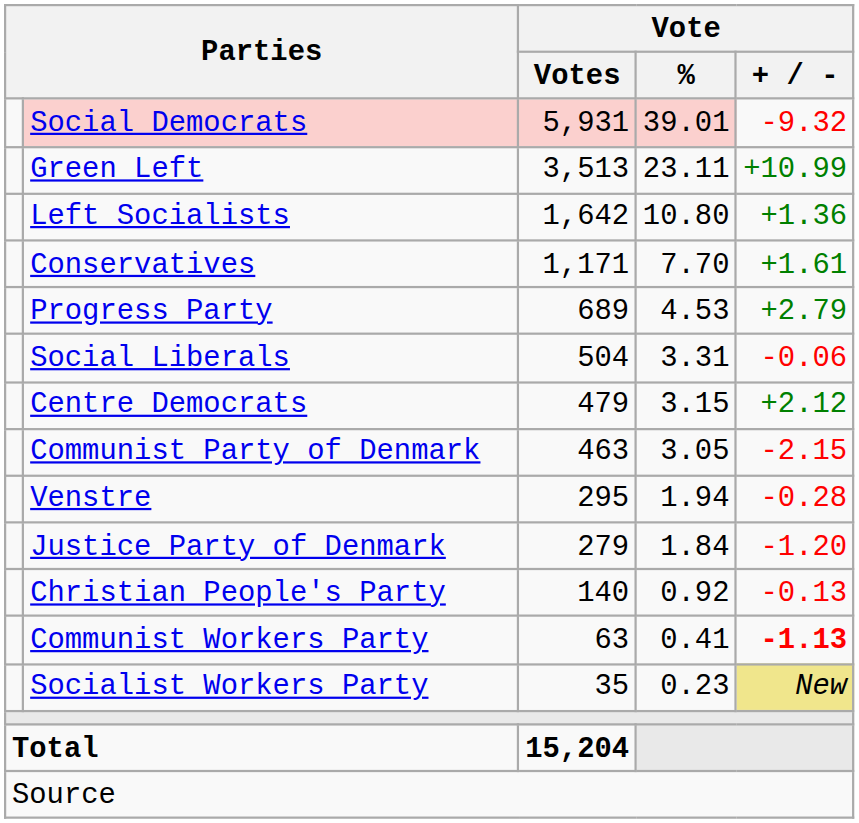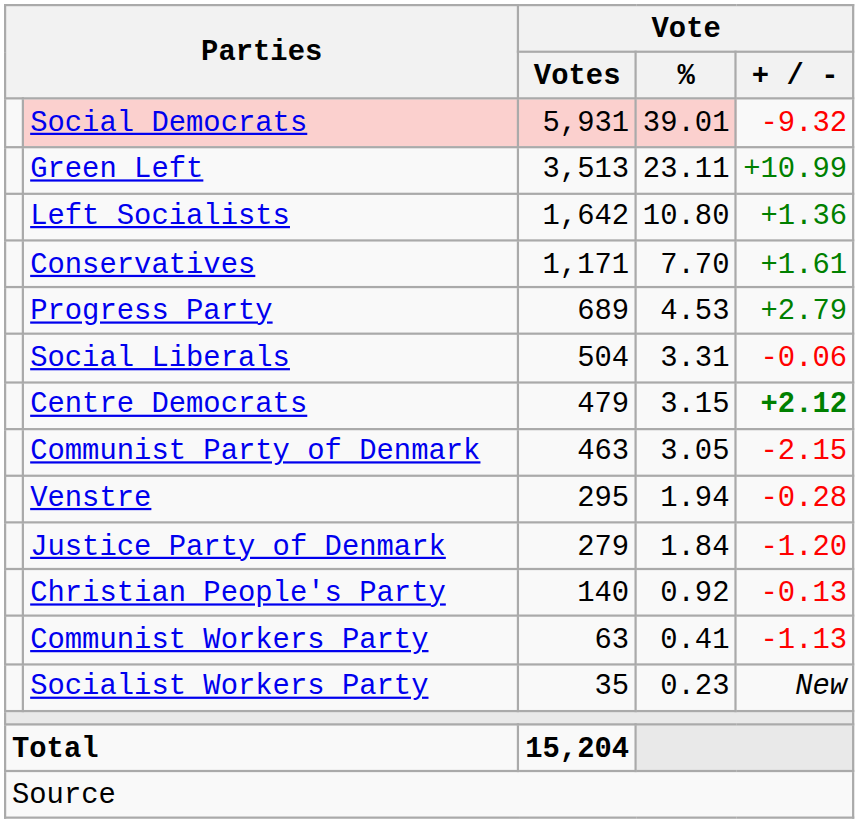 <table class="wikitable" style="text-align:right;">
 <tr>
 <th style="text-align:centre;" rowspan="2" colspan="2" width="225">Parties</th>
 <th colspan="3">Vote</th>
 </tr>
 <tr>
 <th width="15">Votes</th>
 <th width="15">%</th>
 <th width="15">+ / -</th>
 </tr>
 <tr>
 <td width="2" style="color:inherit;background:"></td>
 <td bgcolor=#fbd0ce  align="left"><a href='#'>Social Democrats</a></td>
 <td bgcolor=#fbd0ce>5,931</td>
 <td bgcolor=#fbd0ce>39.01</td>
 <td style=color:red;>-9.32</td>
 </tr>
 <tr>
 <td width="2" style="color:inherit;background:"></td>
 <td align="left"><a href='#'>Green Left</a></td>
 <td>3,513</td>
 <td>23.11</td>
 <td style=color:green;>+10.99</td>
 </tr>
 <tr>
 <td width="2" style="color:inherit;background:"></td>
 <td align="left"><a href='#'>Left Socialists</a></td>
 <td>1,642</td>
 <td>10.80</td>
 <td style=color:green;>+1.36</td>
 </tr>
 <tr>
 <td width="2" style="color:inherit;background:"></td>
 <td align="left"><a href='#'>Conservatives</a></td>
 <td>1,171</td>
 <td>7.70</td>
 <td style=color:green;>+1.61</td>
 </tr>
 <tr>
 <td width="2" style="color:inherit;background:"></td>
 <td align="left"><a href='#'>Progress Party</a></td>
 <td>689</td>
 <td>4.53</td>
 <td style=color:green;>+2.79</td>
 </tr>
 <tr>
 <td width="2" style="color:inherit;background:"></td>
 <td align="left"><a href='#'>Social Liberals</a></td>
 <td>504</td>
 <td>3.31</td>
 <td style=color:red;>-0.06</td>
 </tr>
 <tr>
 <td width="2" style="color:inherit;background:"></td>
 <td align="left"><a href='#'>Centre Democrats</a></td>
 <td>479</td>
 <td>3.15</td>
-<td style=color:green;>+2.12</td>
+<td style=color:green;><strong>+2.12</strong></td>
 </tr>
 <tr>
 <td width="2" style="color:inherit;background:"></td>
 <td align="left"><a href='#'>Communist Party of Denmark</a></td>
 <td>463</td>
 <td>3.05</td>
 <td style=color:red;>-2.15</td>
 </tr>
 <tr>
 <td width="2" style="color:inherit;background:"></td>
 <td align="left"><a href='#'>Venstre</a></td>
 <td>295</td>
 <td>1.94</td>
 <td style=color:red;>-0.28</td>
 </tr>
 <tr>
 <td width="2" style="color:inherit;background:"></td>
 <td align="left"><a href='#'>Justice Party of Denmark</a></td>
 <td>279</td>
 <td>1.84</td>
 <td style=color:red;>-1.20</td>
 </tr>
 <tr>
 <td width="2" style="color:inherit;background:"></td>
 <td align="left"><a href='#'>Christian People's Party</a></td>
 <td>140</td>
 <td>0.92</td>
 <td style=color:red;>-0.13</td>
 </tr>
 <tr>
 <td width="2" style="color:inherit;background:"></td>
 <td align="left"><a href='#'>Communist Workers Party</a></td>
 <td>63</td>
 <td>0.41</td>
-<td style=color:red;><strong>-1.13</strong></td>
+<td style=color:red;>-1.13</td>
 </tr>
 <tr>
 <td width="2" style="color:inherit;background:"></td>
 <td align="left"><a href='#'>Socialist Workers Party</a></td>
 <td>35</td>
 <td>0.23</td>
-<td style="background: khaki;"><em>New</em></td>
+<td><em>New</em></td>
 </tr>
 <tr>
 <td colspan="7" bgcolor="#E9E9E9"></td>
 </tr>
 <tr>
 <td align="left" colspan="2"><strong>Total</strong></td>
 <td><strong>15,204</strong></td>
 <td bgcolor="#E9E9E9" colspan="2"></td>
 </tr>
 <tr>
 <td align="left" colspan="6">Source</td>
 </tr>
 </table>
